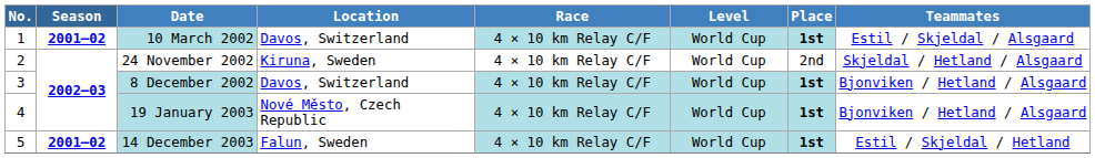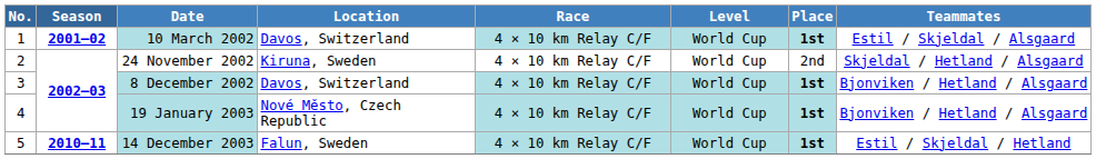 <table class="wikitable sortable" style="font-size:95%; text-align:center; border:grey solid 1px; border-collapse:collapse; background:#ffffff;">
 <tr style="background:#efefef;">
 <th style="background-color:#369; color:white;">No.</th>
 <th style="background-color:#369; color:white;">Season</th>
 <th style="background-color:#4180be; color:white; width:120px;">Date</th>
 <th style="background-color:#4180be; color:white; width:190px;">Location</th>
 <th style="background-color:#4180be; color:white; width:170px;">Race</th>
 <th style="background-color:#4180be; color:white; width:100px;">Level</th>
 <th style="background-color:#4180be; color:white;">Place</th>
 <th style="background-color:#4180be; color:white;">Teammates</th>
 </tr>
 <tr>
 <td align=center>1</td>
 <td rowspan=1 align=center><strong><a href='#'>2001–02</a></strong></td>
 <td bgcolor="#BOEOE6" align=right>10 March 2002</td>
 <td align=left> <a href='#'>Davos</a>, Switzerland</td>
 <td bgcolor="#BOEOE6">4 × 10 km Relay C/F</td>
 <td bgcolor="#BOEOE6">World Cup</td>
 <td bgcolor="#BOEOE6"><strong>1st</strong></td>
 <td><a href='#'>Estil</a> / <a href='#'>Skjeldal</a> / <a href='#'>Alsgaard</a></td>
 </tr>
 <tr>
 <td align=center>2</td>
 <td rowspan=3 align=center><strong> <a href='#'>2002–03</a> </strong></td>
 <td align=right>24 November 2002</td>
 <td align=left> <a href='#'>Kiruna</a>, Sweden</td>
 <td>4 × 10 km Relay C/F</td>
 <td>World Cup</td>
 <td>2nd</td>
 <td><a href='#'>Skjeldal</a> / <a href='#'>Hetland</a> / <a href='#'>Alsgaard</a></td>
 </tr>
 <tr>
 <td align=center>3</td>
 <td bgcolor="#BOEOE6" align=right>8 December 2002</td>
 <td align=left> <a href='#'>Davos</a>, Switzerland</td>
 <td bgcolor="#BOEOE6">4 × 10 km Relay C/F</td>
 <td bgcolor="#BOEOE6">World Cup</td>
 <td bgcolor="#BOEOE6"><strong>1st</strong></td>
 <td><a href='#'>Bjonviken</a> / <a href='#'>Hetland</a> / <a href='#'>Alsgaard</a></td>
 </tr>
 <tr>
 <td align=center>4</td>
 <td bgcolor="#BOEOE6" align=right>19 January 2003</td>
 <td align=left> <a href='#'>Nové Město</a>, Czech Republic</td>
 <td bgcolor="#BOEOE6">4 × 10 km Relay C/F</td>
 <td bgcolor="#BOEOE6">World Cup</td>
 <td bgcolor="#BOEOE6"><strong>1st</strong></td>
 <td><a href='#'>Bjonviken</a> / <a href='#'>Hetland</a> / <a href='#'>Alsgaard</a></td>
 </tr>
 <tr>
 <td align=center>5</td>
-<td rowspan=1 align=center><strong><a href='#'>2001–02</a></strong></td>
+<td rowspan=1 align=center><strong><a href='#'>2010–11</a></strong></td>
 <td bgcolor="#BOEOE6" align=right>14 December 2003</td>
 <td align=left> <a href='#'>Falun</a>, Sweden</td>
 <td bgcolor="#BOEOE6">4 × 10 km Relay C/F</td>
 <td bgcolor="#BOEOE6">World Cup</td>
 <td bgcolor="#BOEOE6"><strong>1st</strong></td>
 <td><a href='#'>Estil</a> / <a href='#'>Skjeldal</a> / <a href='#'>Hetland</a></td>
 </tr>
 <tr>
 </tr>
 </table>
